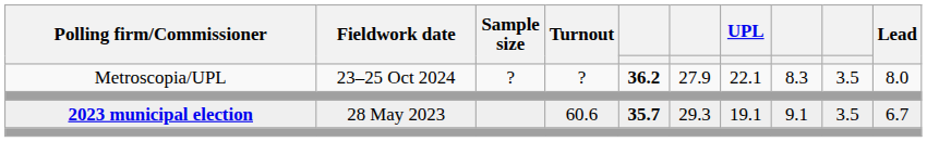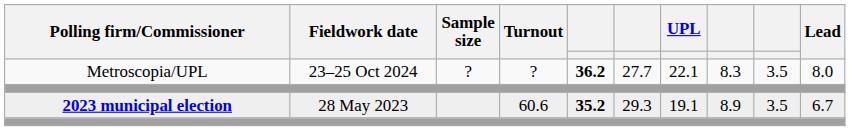 <table class="wikitable collapsible collapsed" style="text-align:center; font-size:95%; line-height:16px;">
 <tr style="height:42px;">
 <th style="width:250px;" rowspan="2">Polling firm/Commissioner</th>
 <th style="width:125px;" rowspan="2">Fieldwork date</th>
 <th style="width:50px;" rowspan="2">Sample size</th>
 <th style="width:45px;" rowspan="2">Turnout</th>
 <th style="width:35px;"></th>
 <th style="width:35px;"></th>
 <th style="width:35px;"><a href='#'>UPL</a></th>
 <th style="width:35px;"></th>
 <th style="width:35px;"></th>
 <th style="width:30px;" rowspan="2">Lead</th>
 </tr>
 <tr>
 <th style="color:inherit;background:"></th>
 <th style="color:inherit;background:"></th>
 <th style="color:inherit;background:"></th>
 <th style="color:inherit;background:"></th>
 <th style="color:inherit;background:"></th>
 </tr>
 <tr>
 <td>Metroscopia/UPL</td>
 <td>23–25 Oct 2024</td>
 <td>?</td>
 <td>?</td>
 <td><strong>36.2</strong><br></td>
-<td>27.9<br></td>
+<td>27.7<br></td>
 <td>22.1<br></td>
 <td>8.3<br></td>
 <td>3.5<br></td>
 <td style="background:">8.0</td>
 </tr>
 <tr>
 <td colspan="11" style="background:#A0A0A0"></td>
 </tr>
 <tr style="background:#EFEFEF;">
 <td><strong><a href='#'>2023 municipal election</a></strong></td>
 <td>28 May 2023</td>
 <td></td>
 <td>60.6</td>
-<td><strong>35.7</strong><br></td>
+<td><strong>35.2</strong><br></td>
 <td>29.3<br></td>
 <td>19.1<br></td>
-<td>9.1<br></td>
+<td>8.9<br></td>
 <td>3.5<br></td>
 <td style="background:">6.7</td>
 </tr>
 <tr>
 <td colspan="11" style="background:#A0A0A0"></td>
 </tr>
 </table>
